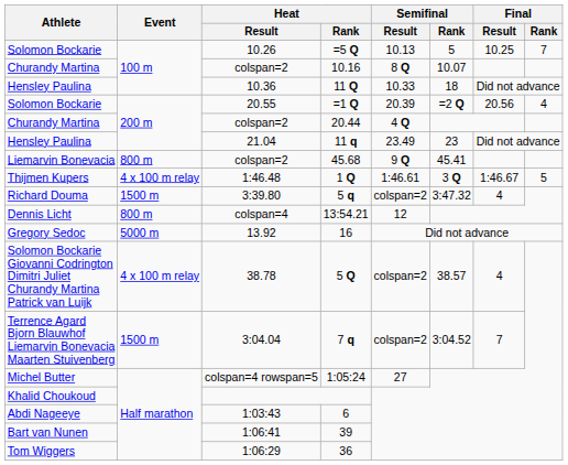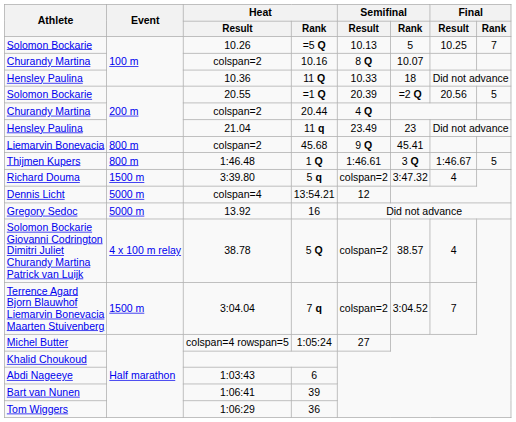 <table class="wikitable" style="font-size:90%">
 <tr>
 <th rowspan=2>Athlete</th>
 <th rowspan=2>Event</th>
 <th colspan=2>Heat</th>
 <th colspan=2>Semifinal</th>
 <th colspan=2>Final</th>
 </tr>
 <tr style="font-size:95%">
 <th>Result</th>
 <th>Rank</th>
 <th>Result</th>
 <th>Rank</th>
 <th>Result</th>
 <th>Rank</th>
 </tr>
 <tr align=center>
 <td align=left><a href='#'>Solomon Bockarie</a></td>
 <td style="text-align:left;" rowspan=3><a href='#'>100 m</a></td>
 <td>10.26</td>
 <td>=5 <strong>Q</strong></td>
 <td>10.13 <strong></strong></td>
 <td>5</td>
 <td>10.25</td>
 <td>7</td>
 </tr>
 <tr align=center>
 <td align=left><a href='#'>Churandy Martina</a></td>
 <td>colspan=2 </td>
 <td>10.16</td>
 <td>8 <strong>Q</strong></td>
 <td>10.07 <strong></strong></td>
 <td></td>
 </tr>
 <tr align=center>
 <td align=left><a href='#'>Hensley Paulina</a></td>
 <td>10.36</td>
 <td>11 <strong>Q</strong></td>
 <td>10.33</td>
 <td>18</td>
 <td colspan=2>Did not advance</td>
 </tr>
 <tr align=center>
 <td align=left><a href='#'>Solomon Bockarie</a></td>
 <td style="text-align:left;" rowspan=3><a href='#'>200 m</a></td>
 <td>20.55</td>
 <td>=1 <strong>Q</strong></td>
 <td>20.39 <strong></strong></td>
 <td>=2 <strong>Q</strong></td>
 <td>20.56</td>
-<td>4</td>
+<td>5</td>
 </tr>
 <tr align=center>
 <td align=left><a href='#'>Churandy Martina</a></td>
 <td>colspan=2 </td>
 <td>20.44</td>
 <td>4 <strong>Q</strong></td>
 <td colspan=2></td>
 </tr>
 <tr align=center>
 <td align=left><a href='#'>Hensley Paulina</a></td>
 <td>21.04</td>
 <td>11 <strong>q</strong></td>
 <td>23.49</td>
 <td>23</td>
 <td colspan=2>Did not advance</td>
 </tr>
 <tr align=center>
 <td align=left><a href='#'>Liemarvin Bonevacia</a></td>
 <td style="text-align:left;"><a href='#'>800 m</a></td>
 <td>colspan=2 </td>
 <td>45.68 <strong></strong></td>
 <td>9 <strong>Q</strong></td>
 <td>45.41 <strong></strong></td>
 <td></td>
 </tr>
 <tr align=center>
 <td align=left><a href='#'>Thijmen Kupers</a></td>
-<td style="text-align:left;"><a href='#'>4 x 100 m relay</a></td>
+<td style="text-align:left;"><a href='#'>800 m</a></td>
 <td>1:46.48</td>
 <td>1 <strong>Q</strong></td>
 <td>1:46.61</td>
 <td>3 <strong>Q</strong></td>
 <td>1:46.67</td>
 <td>5</td>
 </tr>
 <tr align=center>
 <td align=left><a href='#'>Richard Douma</a></td>
 <td style="text-align:left;"><a href='#'>1500 m</a></td>
 <td>3:39.80</td>
 <td>5 <strong>q</strong></td>
 <td>colspan=2 </td>
 <td>3:47.32</td>
 <td>4</td>
 </tr>
 <tr align=center>
 <td align=left><a href='#'>Dennis Licht</a></td>
-<td style="text-align:left;"><a href='#'>800 m</a></td>
+<td style="text-align:left;"><a href='#'>5000 m</a></td>
 <td>colspan=4 </td>
 <td>13:54.21</td>
 <td>12</td>
 </tr>
 <tr align=center>
 <td align=left><a href='#'>Gregory Sedoc</a></td>
 <td style="text-align:left;"><a href='#'>5000 m</a></td>
 <td>13.92</td>
 <td>16</td>
 <td colspan=4>Did not advance</td>
 </tr>
 <tr align=center>
 <td align=left><a href='#'>Solomon Bockarie</a> <br><a href='#'>Giovanni Codrington</a><br><a href='#'>Dimitri Juliet</a> <br><a href='#'>Churandy Martina</a><br><a href='#'>Patrick van Luijk</a></td>
 <td style="text-align:left;"><a href='#'>4 x 100 m relay</a></td>
 <td>38.78</td>
 <td>5 <strong>Q</strong></td>
 <td>colspan=2 </td>
 <td>38.57</td>
 <td>4</td>
 </tr>
 <tr align=center>
 <td align=left><a href='#'>Terrence Agard</a><br><a href='#'>Bjorn Blauwhof</a><br><a href='#'>Liemarvin Bonevacia</a><br><a href='#'>Maarten Stuivenberg</a></td>
 <td style="text-align:left;"><a href='#'>1500 m</a></td>
 <td>3:04.04</td>
 <td>7 <strong>q</strong></td>
 <td>colspan=2 </td>
 <td>3:04.52</td>
 <td>7</td>
 </tr>
 <tr align=center>
 <td align=left><a href='#'>Michel Butter</a></td>
 <td style="text-align:left;" rowspan=5><a href='#'>Half marathon</a></td>
 <td>colspan=4 rowspan=5 </td>
 <td>1:05:24 <strong></strong></td>
 <td>27</td>
 </tr>
 <tr align=center>
 <td align=left><a href='#'>Khalid Choukoud</a></td>
 <td colspan=2></td>
 </tr>
 <tr align=center>
 <td align=left><a href='#'>Abdi Nageeye</a></td>
 <td>1:03:43</td>
 <td>6</td>
 </tr>
 <tr align=center>
 <td align=left><a href='#'>Bart van Nunen</a></td>
 <td>1:06:41</td>
 <td>39</td>
 </tr>
 <tr align=center>
 <td align=left><a href='#'>Tom Wiggers</a></td>
 <td>1:06:29</td>
 <td>36</td>
 </tr>
 </table>
